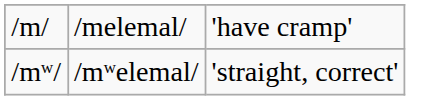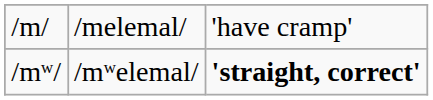 <table class="wikitable">
 <tr>
 <td>/m/</td>
 <td>/melemal/</td>
 <td>'have cramp'</td>
 </tr>
 <tr>
 <td>/mʷ/</td>
 <td>/mʷelemal/</td>
-<td>'straight, correct'</td>
+<td><strong>'straight, correct'</strong></td>
 </tr>
 </table>
